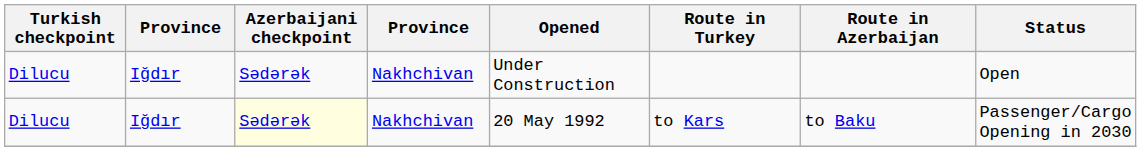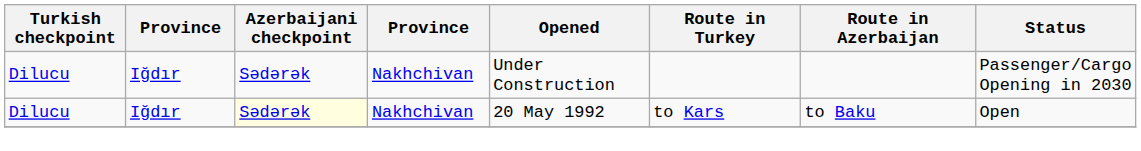 <table class="wikitable">
 <tr>
 <th width=100> Turkish checkpoint</th>
 <th width=100>Province</th>
 <th width=110> Azerbaijani checkpoint</th>
 <th width=100>Province</th>
 <th width=150>Opened</th>
 <th width=200>Route in Turkey</th>
 <th width=200>Route in Azerbaijan</th>
 <th width=50>Status</th>
 </tr>
 <tr>
 <td><a href='#'>Dilucu</a></td>
 <td><a href='#'>Iğdır</a></td>
 <td><a href='#'>Sədərək</a></td>
 <td><a href='#'>Nakhchivan</a></td>
 <td>Under Construction</td>
 <td></td>
 <td></td>
-<td><span>Open</span></td>
+<td>Passenger/Cargo Opening in 2030</td>
 </tr>
 <tr>
 <td><a href='#'>Dilucu</a></td>
 <td><a href='#'>Iğdır</a></td>
 <td style="background: lightyellow;"><a href='#'>Sədərək</a></td>
 <td><a href='#'>Nakhchivan</a></td>
 <td>20 May 1992</td>
 <td> to <a href='#'>Kars</a></td>
 <td> to <a href='#'>Baku</a></td>
-<td>Passenger/Cargo Opening in 2030</td>
+<td><span>Open</span></td>
 </tr>
 <tr>
 </tr>
 </table>
